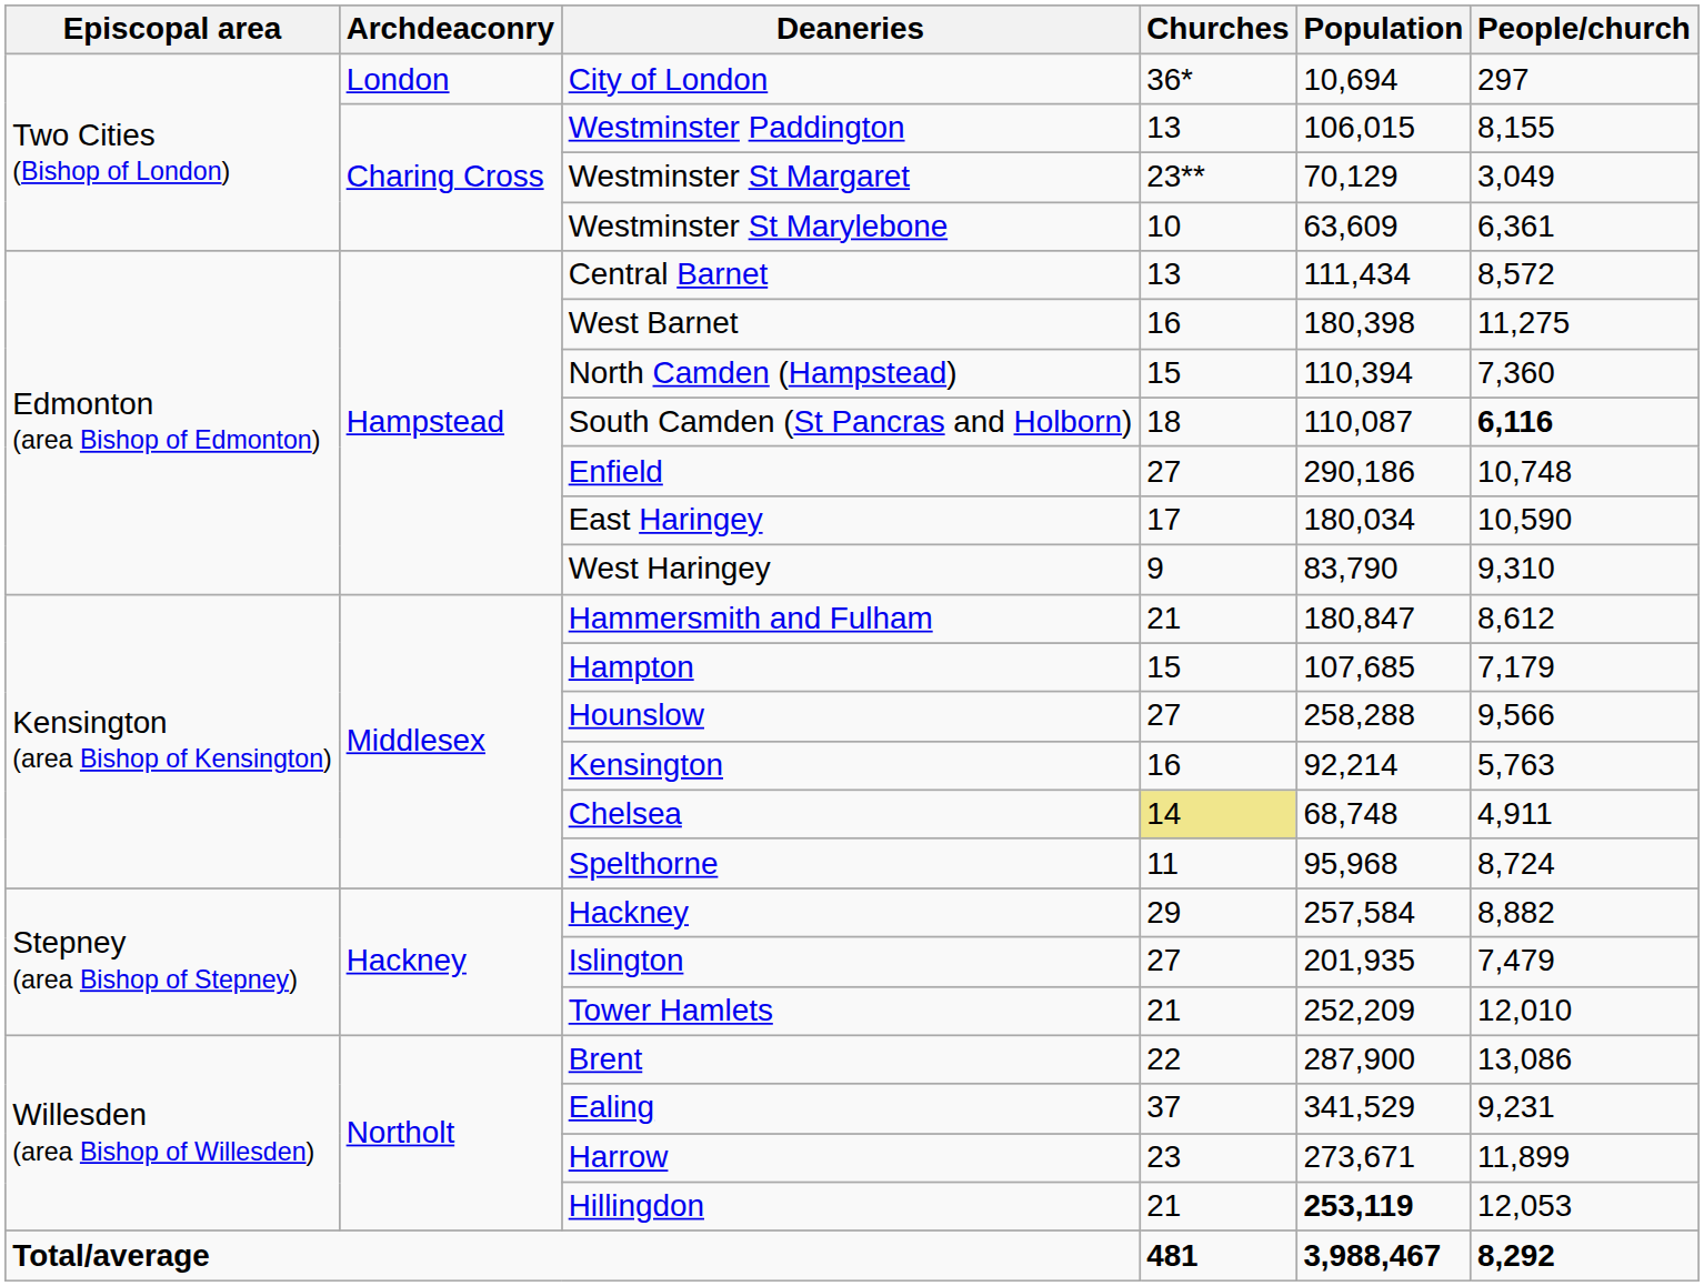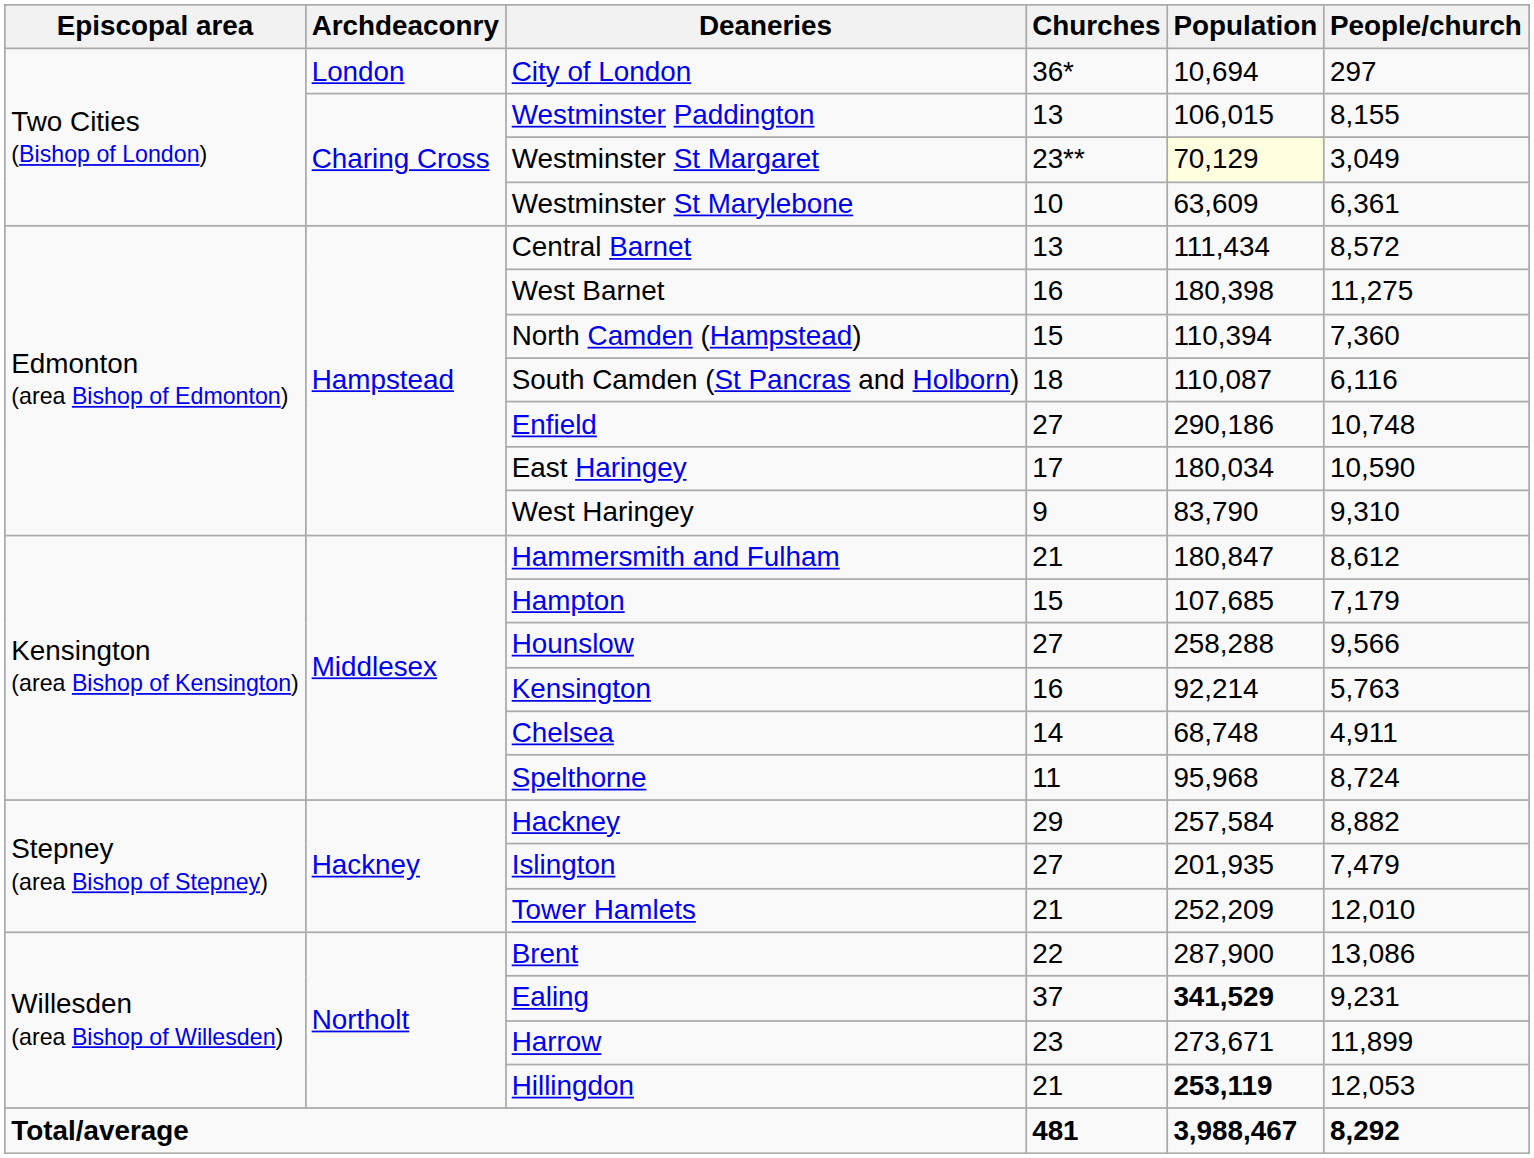 <table class="wikitable sortable">
 <tr>
 <th>Episcopal area</th>
 <th>Archdeaconry</th>
 <th>Deaneries</th>
 <th>Churches</th>
 <th>Population</th>
 <th>People/church</th>
 </tr>
 <tr>
 <td rowspan="4">Two Cities<br><small>(<a href='#'>Bishop of London</a>)</small></td>
 <td><a href='#'>London</a></td>
 <td><a href='#'>City of London</a></td>
 <td>36*</td>
 <td>10,694</td>
 <td>297</td>
 </tr>
 <tr>
 <td rowspan="3"><a href='#'>Charing Cross</a></td>
 <td><a href='#'>Westminster</a> <a href='#'>Paddington</a></td>
 <td>13</td>
 <td>106,015</td>
 <td>8,155</td>
 </tr>
 <tr>
 <td>Westminster <a href='#'>St Margaret</a></td>
 <td>23**</td>
-<td>70,129</td>
+<td style="background: lightyellow;">70,129</td>
 <td>3,049</td>
 </tr>
 <tr>
 <td>Westminster <a href='#'>St Marylebone</a></td>
 <td>10</td>
 <td>63,609</td>
 <td>6,361</td>
 </tr>
 <tr>
 <td rowspan="7">Edmonton<br><small>(area <a href='#'>Bishop of Edmonton</a>)</small></td>
 <td rowspan="7"><a href='#'>Hampstead</a></td>
 <td>Central <a href='#'>Barnet</a></td>
 <td>13</td>
 <td>111,434</td>
 <td>8,572</td>
 </tr>
 <tr>
 <td>West Barnet</td>
 <td>16</td>
 <td>180,398</td>
 <td>11,275</td>
 </tr>
 <tr>
 <td>North <a href='#'>Camden</a> (<a href='#'>Hampstead</a>)</td>
 <td>15</td>
 <td>110,394</td>
 <td>7,360</td>
 </tr>
 <tr>
 <td>South Camden (<a href='#'>St Pancras</a> and <a href='#'>Holborn</a>)</td>
 <td>18</td>
 <td>110,087</td>
-<td><strong>6,116</strong></td>
+<td>6,116</td>
 </tr>
 <tr>
 <td><a href='#'>Enfield</a></td>
 <td>27</td>
 <td>290,186</td>
 <td>10,748</td>
 </tr>
 <tr>
 <td>East <a href='#'>Haringey</a></td>
 <td>17</td>
 <td>180,034</td>
 <td>10,590</td>
 </tr>
 <tr>
 <td>West Haringey</td>
 <td>9</td>
 <td>83,790</td>
 <td>9,310</td>
 </tr>
 <tr>
 <td rowspan="6">Kensington<br><small>(area <a href='#'>Bishop of Kensington</a>)</small></td>
 <td rowspan="6"><a href='#'>Middlesex</a></td>
 <td><a href='#'>Hammersmith and Fulham</a></td>
 <td>21</td>
 <td>180,847</td>
 <td>8,612</td>
 </tr>
 <tr>
 <td><a href='#'>Hampton</a></td>
 <td>15</td>
 <td>107,685</td>
 <td>7,179</td>
 </tr>
 <tr>
 <td><a href='#'>Hounslow</a></td>
 <td>27</td>
 <td>258,288</td>
 <td>9,566</td>
 </tr>
 <tr>
 <td><a href='#'>Kensington</a></td>
 <td>16</td>
 <td>92,214</td>
 <td>5,763</td>
 </tr>
 <tr>
 <td><a href='#'>Chelsea</a></td>
-<td style="background: khaki;">14</td>
+<td>14</td>
 <td>68,748</td>
 <td>4,911</td>
 </tr>
 <tr>
 <td><a href='#'>Spelthorne</a></td>
 <td>11</td>
 <td>95,968</td>
 <td>8,724</td>
 </tr>
 <tr>
 <td rowspan="3">Stepney<br><small>(area <a href='#'>Bishop of Stepney</a>)</small></td>
 <td rowspan="3"><a href='#'>Hackney</a></td>
 <td><a href='#'>Hackney</a></td>
 <td>29</td>
 <td>257,584</td>
 <td>8,882</td>
 </tr>
 <tr>
 <td><a href='#'>Islington</a></td>
 <td>27</td>
 <td>201,935</td>
 <td>7,479</td>
 </tr>
 <tr>
 <td><a href='#'>Tower Hamlets</a></td>
 <td>21</td>
 <td>252,209</td>
 <td>12,010</td>
 </tr>
 <tr>
 <td rowspan="4">Willesden<br><small>(area <a href='#'>Bishop of Willesden</a>)</small></td>
 <td rowspan="4"><a href='#'>Northolt</a></td>
 <td><a href='#'>Brent</a></td>
 <td>22</td>
 <td>287,900</td>
 <td>13,086</td>
 </tr>
 <tr>
 <td><a href='#'>Ealing</a></td>
 <td>37</td>
-<td>341,529</td>
+<td><strong>341,529</strong></td>
 <td>9,231</td>
 </tr>
 <tr>
 <td><a href='#'>Harrow</a></td>
 <td>23</td>
 <td>273,671</td>
 <td>11,899</td>
 </tr>
 <tr>
 <td><a href='#'>Hillingdon</a></td>
 <td>21</td>
 <td><strong>253,119</strong></td>
 <td>12,053</td>
 </tr>
 <tr>
 <td colspan="3"><strong>Total/average</strong></td>
 <td><strong>481</strong></td>
 <td><strong>3,988,467</strong></td>
 <td><strong>8,292</strong></td>
 </tr>
 </table>
